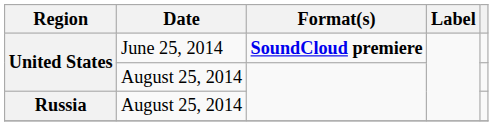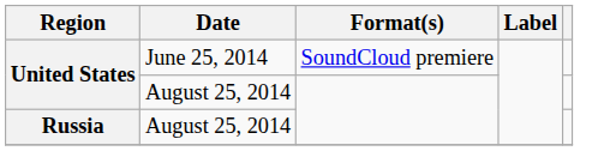 <table class="wikitable plainrowheaders">
 <tr>
 <th scope="col">Region</th>
 <th scope="col">Date</th>
 <th scope="col">Format(s)</th>
 <th scope="col">Label</th>
 <th scope="col"></th>
 </tr>
 <tr>
 <th scope="row" rowspan="2">United States</th>
 <td rowspan="1">June 25, 2014</td>
-<td><strong><a href='#'>SoundCloud</a> premiere</strong></td>
+<td><a href='#'>SoundCloud</a> premiere</td>
 <td rowspan="3"></td>
 <td></td>
 </tr>
 <tr>
 <td rowspan="1">August 25, 2014</td>
 <td rowspan="2"></td>
 <td></td>
 </tr>
 <tr>
 <th scope="row">Russia</th>
 <td rowspan="1">August 25, 2014</td>
 <td></td>
 </tr>
 <tr>
 </tr>
 </table>
